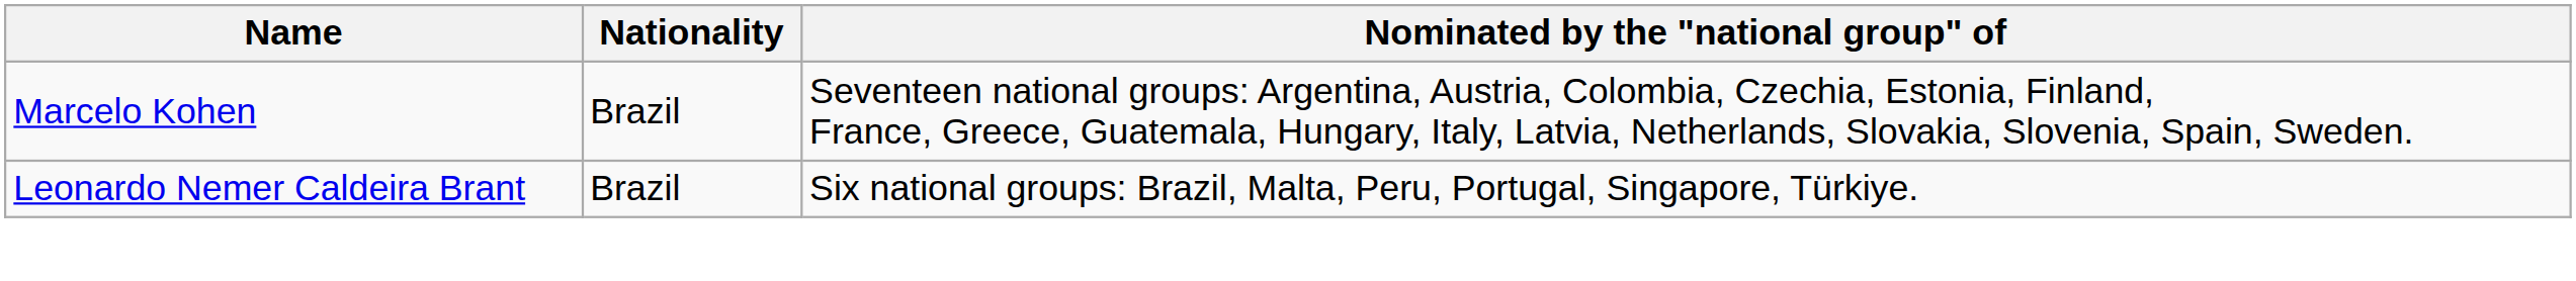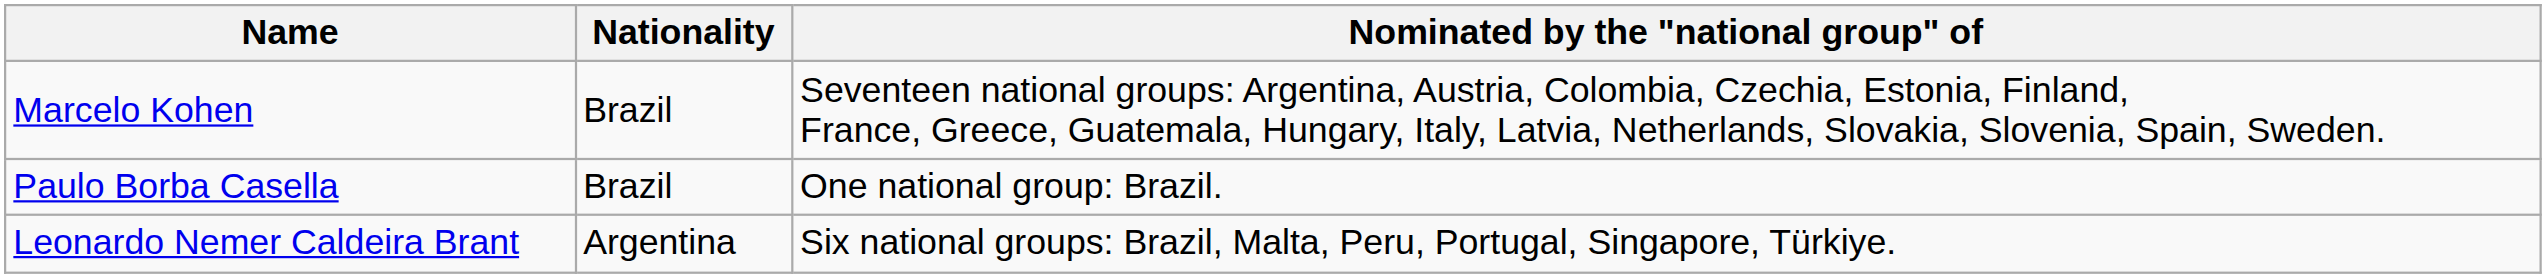 <table class="wikitable" style="width:90%;">
 <tr>
 <th>Name</th>
 <th>Nationality</th>
 <th>Nominated by the "national group" of</th>
 </tr>
 <tr>
 <td> <a href='#'>Marcelo Kohen</a></td>
 <td>Brazil</td>
 <td>Seventeen national groups: Argentina, Austria, Colombia, Czechia, Estonia, Finland,<br>France, Greece, Guatemala, Hungary, Italy, Latvia, Netherlands, Slovakia, Slovenia,  Spain, Sweden.</td>
 </tr>
 <tr>
+<td> <a href='#'>Paulo Borba Casella</a></td>
+<td>Brazil</td>
+<td>One national group: Brazil.</td>
+</tr>
+<tr>
 <td> <a href='#'>Leonardo Nemer Caldeira Brant</a></td>
-<td>Brazil</td>
+<td>Argentina</td>
 <td>Six national groups: Brazil, Malta, Peru, Portugal, Singapore, Türkiye.</td>
 </tr>
 </table>
